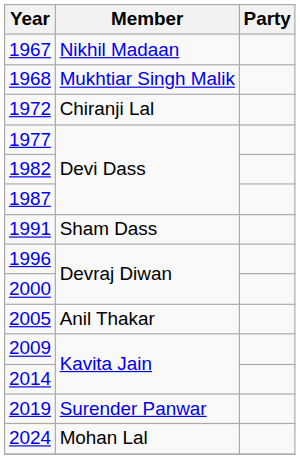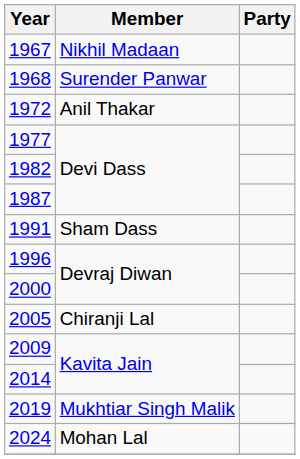 <table class="wikitable">
 <tr>
 <th>Year</th>
 <th>Member</th>
 <th colspan=2>Party</th>
 </tr>
 <tr>
 <td><a href='#'>1967</a></td>
 <td><a href='#'>Nikhil Madaan</a></td>
 <td></td>
 </tr>
 <tr>
 <td><a href='#'>1968</a></td>
-<td><a href='#'>Mukhtiar Singh Malik</a></td>
+<td><a href='#'>Surender Panwar</a></td>
 <td></td>
 </tr>
 <tr>
 <td><a href='#'>1972</a></td>
-<td>Chiranji Lal</td>
+<td>Anil Thakar</td>
 <td></td>
 </tr>
 <tr>
 <td><a href='#'>1977</a></td>
 <td rowspan=3>Devi Dass</td>
 <td></td>
 </tr>
 <tr>
 <td><a href='#'>1982</a></td>
 <td></td>
 </tr>
 <tr>
 <td><a href='#'>1987</a></td>
 </tr>
 <tr>
 <td><a href='#'>1991</a></td>
 <td>Sham Dass</td>
 <td></td>
 </tr>
 <tr>
 <td><a href='#'>1996</a></td>
 <td rowspan=2>Devraj Diwan</td>
 <td></td>
 </tr>
 <tr>
 <td><a href='#'>2000</a></td>
 </tr>
 <tr>
 <td><a href='#'>2005</a></td>
-<td>Anil Thakar</td>
+<td>Chiranji Lal</td>
 <td></td>
 </tr>
 <tr>
 <td><a href='#'>2009</a></td>
 <td rowspan=2><a href='#'>Kavita Jain</a></td>
 <td></td>
 </tr>
 <tr>
 <td><a href='#'>2014</a></td>
 </tr>
 <tr>
 <td><a href='#'>2019</a></td>
-<td><a href='#'>Surender Panwar</a></td>
+<td><a href='#'>Mukhtiar Singh Malik</a></td>
 <td></td>
 </tr>
 <tr>
 <td><a href='#'>2024</a></td>
 <td>Mohan Lal</td>
 <td></td>
 </tr>
 <tr>
 </tr>
 </table>
